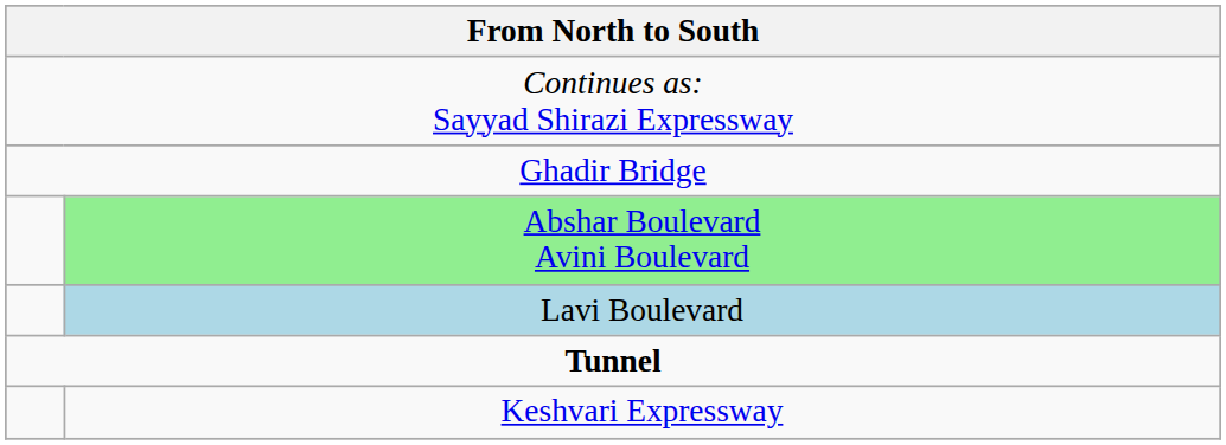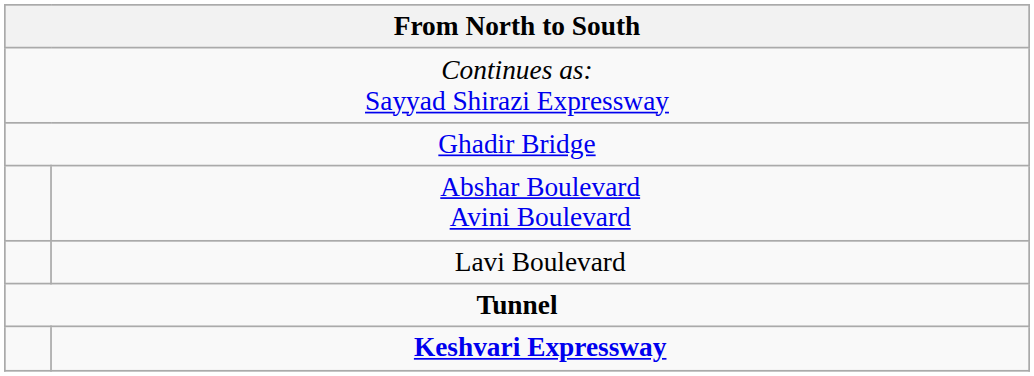 <table class="wikitable" style="text-align:center" width="600px">
 <tr>
 <th text-align="center" colspan="3"> From North to South </th>
 </tr>
 <tr>
 <td colspan="7" align="center"><em>Continues as:</em><br> <a href='#'>Sayyad Shirazi Expressway</a></td>
 </tr>
 <tr>
 <td text-align="center" colspan="3"> <a href='#'>Ghadir Bridge</a></td>
 </tr>
 <tr>
 <td></td>
-<td style="background: lightgreen;"> <a href='#'>Abshar Boulevard</a><br> <a href='#'>Avini Boulevard</a></td>
+<td> <a href='#'>Abshar Boulevard</a><br> <a href='#'>Avini Boulevard</a></td>
 </tr>
 <tr>
 <td></td>
-<td style="background: lightblue;"> Lavi Boulevard</td>
+<td> Lavi Boulevard</td>
 </tr>
 <tr>
 <td text-align="center" colspan="3"> <strong>Tunnel</strong></td>
 </tr>
 <tr>
 <td><br></td>
-<td> <a href='#'>Keshvari Expressway</a></td>
+<td><strong> <a href='#'>Keshvari Expressway</a></strong></td>
 </tr>
 </table>
